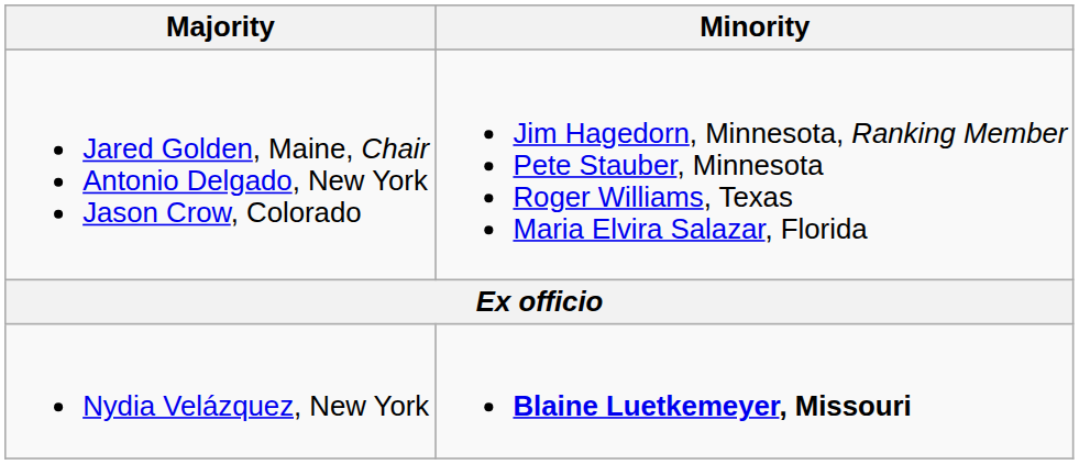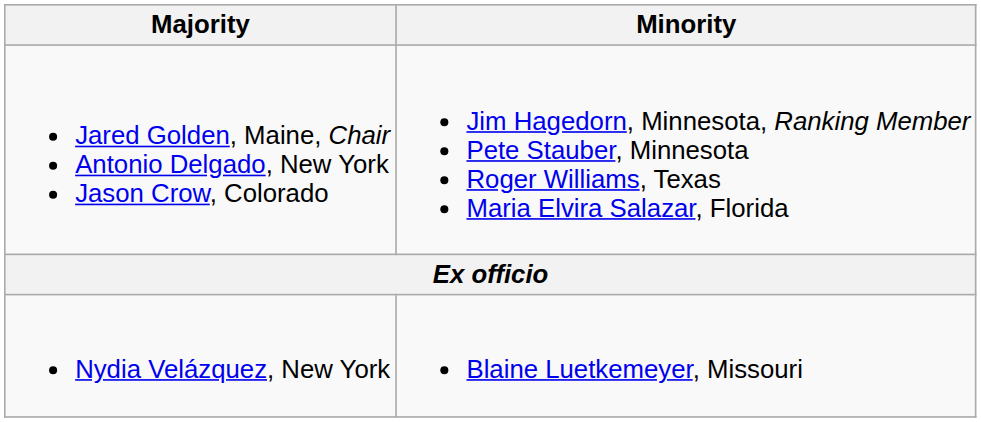 <table class=wikitable>
 <tr>
 <th>Majority</th>
 <th>Minority</th>
 </tr>
 <tr>
 <td><br><ul><li><a href='#'>Jared Golden</a>, Maine, <em>Chair</em></li><li><a href='#'>Antonio Delgado</a>, New York</li><li><a href='#'>Jason Crow</a>, Colorado</li></ul></td>
 <td><br><ul><li><a href='#'>Jim Hagedorn</a>, Minnesota, <em>Ranking Member</em></li><li><a href='#'>Pete Stauber</a>, Minnesota</li><li><a href='#'>Roger Williams</a>, Texas</li><li><a href='#'>Maria Elvira Salazar</a>, Florida</li></ul></td>
 </tr>
 <tr>
 <th colspan=2><em>Ex officio</em></th>
 </tr>
 <tr>
 <td><br><ul><li><a href='#'>Nydia Velázquez</a>, New York</li></ul></td>
-<td><strong><br><ul><li><a href='#'>Blaine Luetkemeyer</a>, Missouri</li></ul></strong></td>
+<td><br><ul><li><a href='#'>Blaine Luetkemeyer</a>, Missouri</li></ul></td>
 </tr>
 </table>
